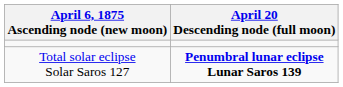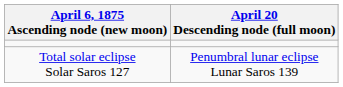 <table class="wikitable">
 <tr>
 <th><a href='#'>April 6, 1875</a><br>Ascending node (new moon)<br></th>
 <th><a href='#'>April 20</a><br>Descending node (full moon)<br></th>
 </tr>
 <tr>
 <td></td>
 <td></td>
 </tr>
 <tr align=center>
 <td><a href='#'>Total solar eclipse</a><br>Solar Saros 127</td>
-<td><strong><a href='#'>Penumbral lunar eclipse</a><br>Lunar Saros 139</strong></td>
+<td><a href='#'>Penumbral lunar eclipse</a><br>Lunar Saros 139</td>
 </tr>
 </table>
